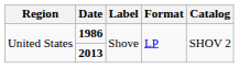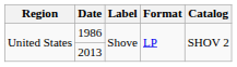 <table class="wikitable">
 <tr>
 <th>Region</th>
 <th>Date</th>
 <th>Label</th>
 <th>Format</th>
 <th>Catalog</th>
 </tr>
 <tr>
 <td rowspan="2">United States</td>
-<td><strong>1986</strong></td>
+<td>1986</td>
 <td rowspan="2">Shove</td>
 <td rowspan="2"><a href='#'>LP</a></td>
 <td rowspan="2">SHOV 2</td>
 </tr>
 <tr>
-<td><strong>2013</strong></td>
+<td>2013</td>
 </tr>
 </table>
